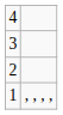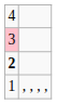 <table class="wikitable">
 <tr>
 <td align=center>4</td>
 <td></td>
 </tr>
 <tr>
-<td align=center>3</td>
+<td align=center style="background: pink;">3</td>
 <td></td>
 </tr>
 <tr>
-<td align=center>2</td>
+<td align=center><strong>2</strong></td>
 <td></td>
 </tr>
 <tr>
 <td align=center>1</td>
 <td>, , , , </td>
 </tr>
 </table>
